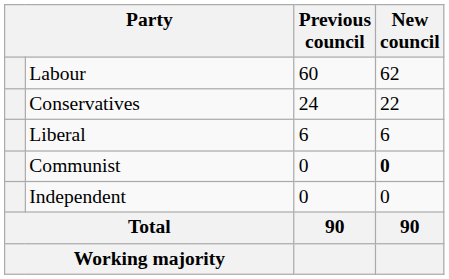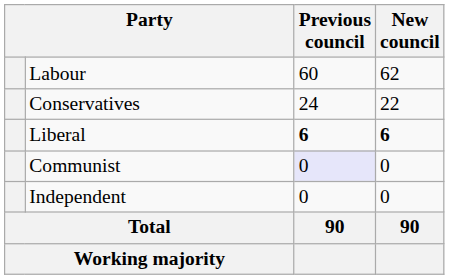 <table class="wikitable">
 <tr>
 <th valign=top colspan="2" style="width: 230px">Party</th>
 <th valign=top style="width: 30px">Previous council</th>
 <th valign=top style="width: 30px">New council</th>
 </tr>
 <tr>
 <th style="background-color: "></th>
 <td>Labour</td>
 <td>60</td>
 <td>62</td>
 </tr>
 <tr>
 <th style="background-color: "></th>
 <td>Conservatives</td>
 <td>24</td>
 <td>22</td>
 </tr>
 <tr>
 <th style="background-color: "></th>
 <td>Liberal</td>
-<td>6</td>
-<td>6</td>
+<td><strong>6</strong></td>
+<td><strong>6</strong></td>
 </tr>
 <tr>
 <th style="background-color: "></th>
 <td>Communist</td>
+<td style="background: lavender;">0</td>
 <td>0</td>
-<td><strong>0</strong></td>
 </tr>
 <tr>
 <th style="background-color: "></th>
 <td>Independent</td>
 <td>0</td>
 <td>0</td>
 </tr>
 <tr>
 <th colspan=2>Total</th>
 <th style="text-align: center">90</th>
 <th colspan=3>90</th>
 </tr>
 <tr>
 <th colspan=2>Working majority</th>
 <th></th>
 <th></th>
 </tr>
 </table>
